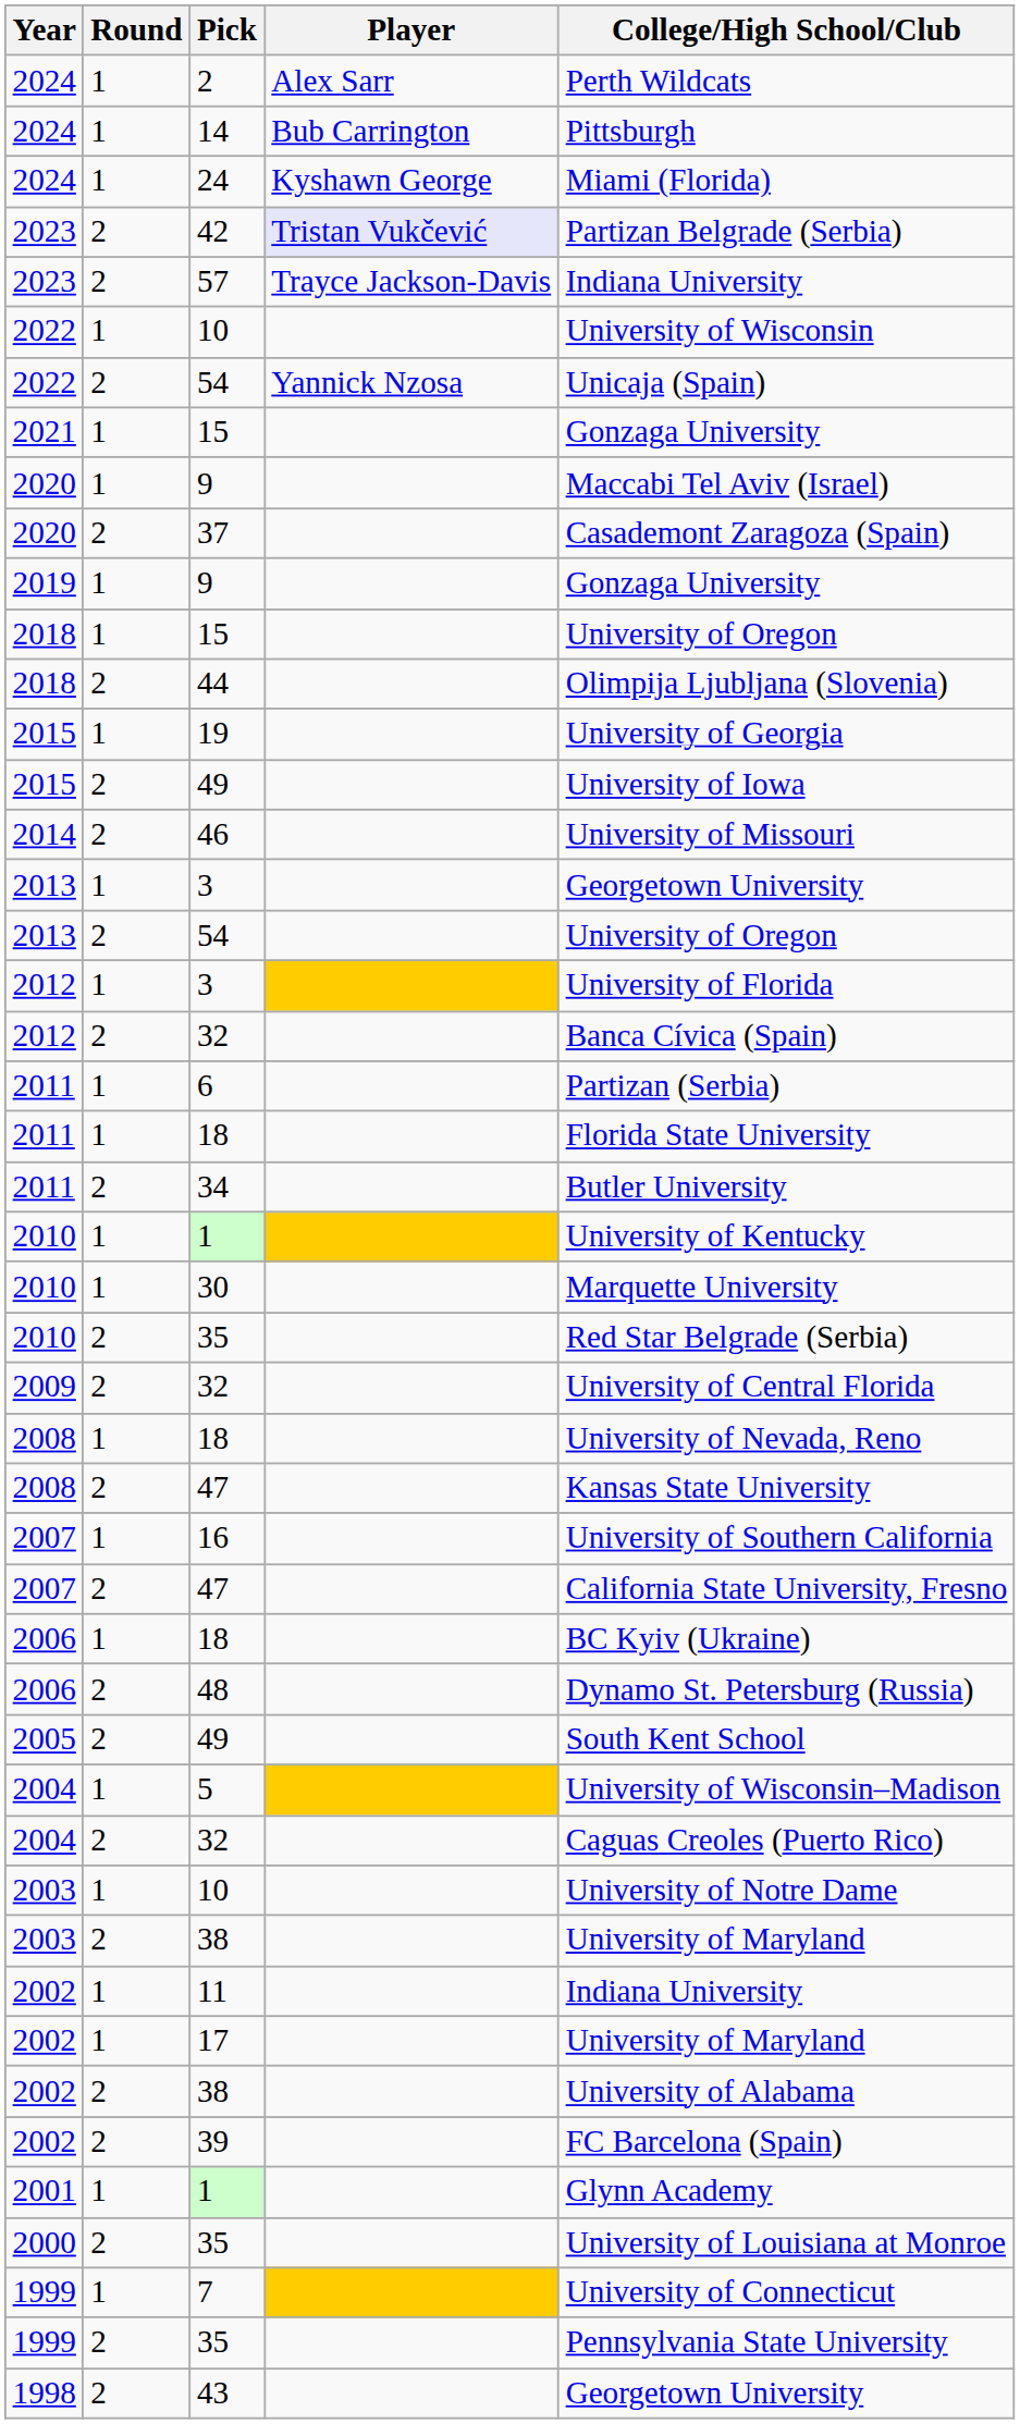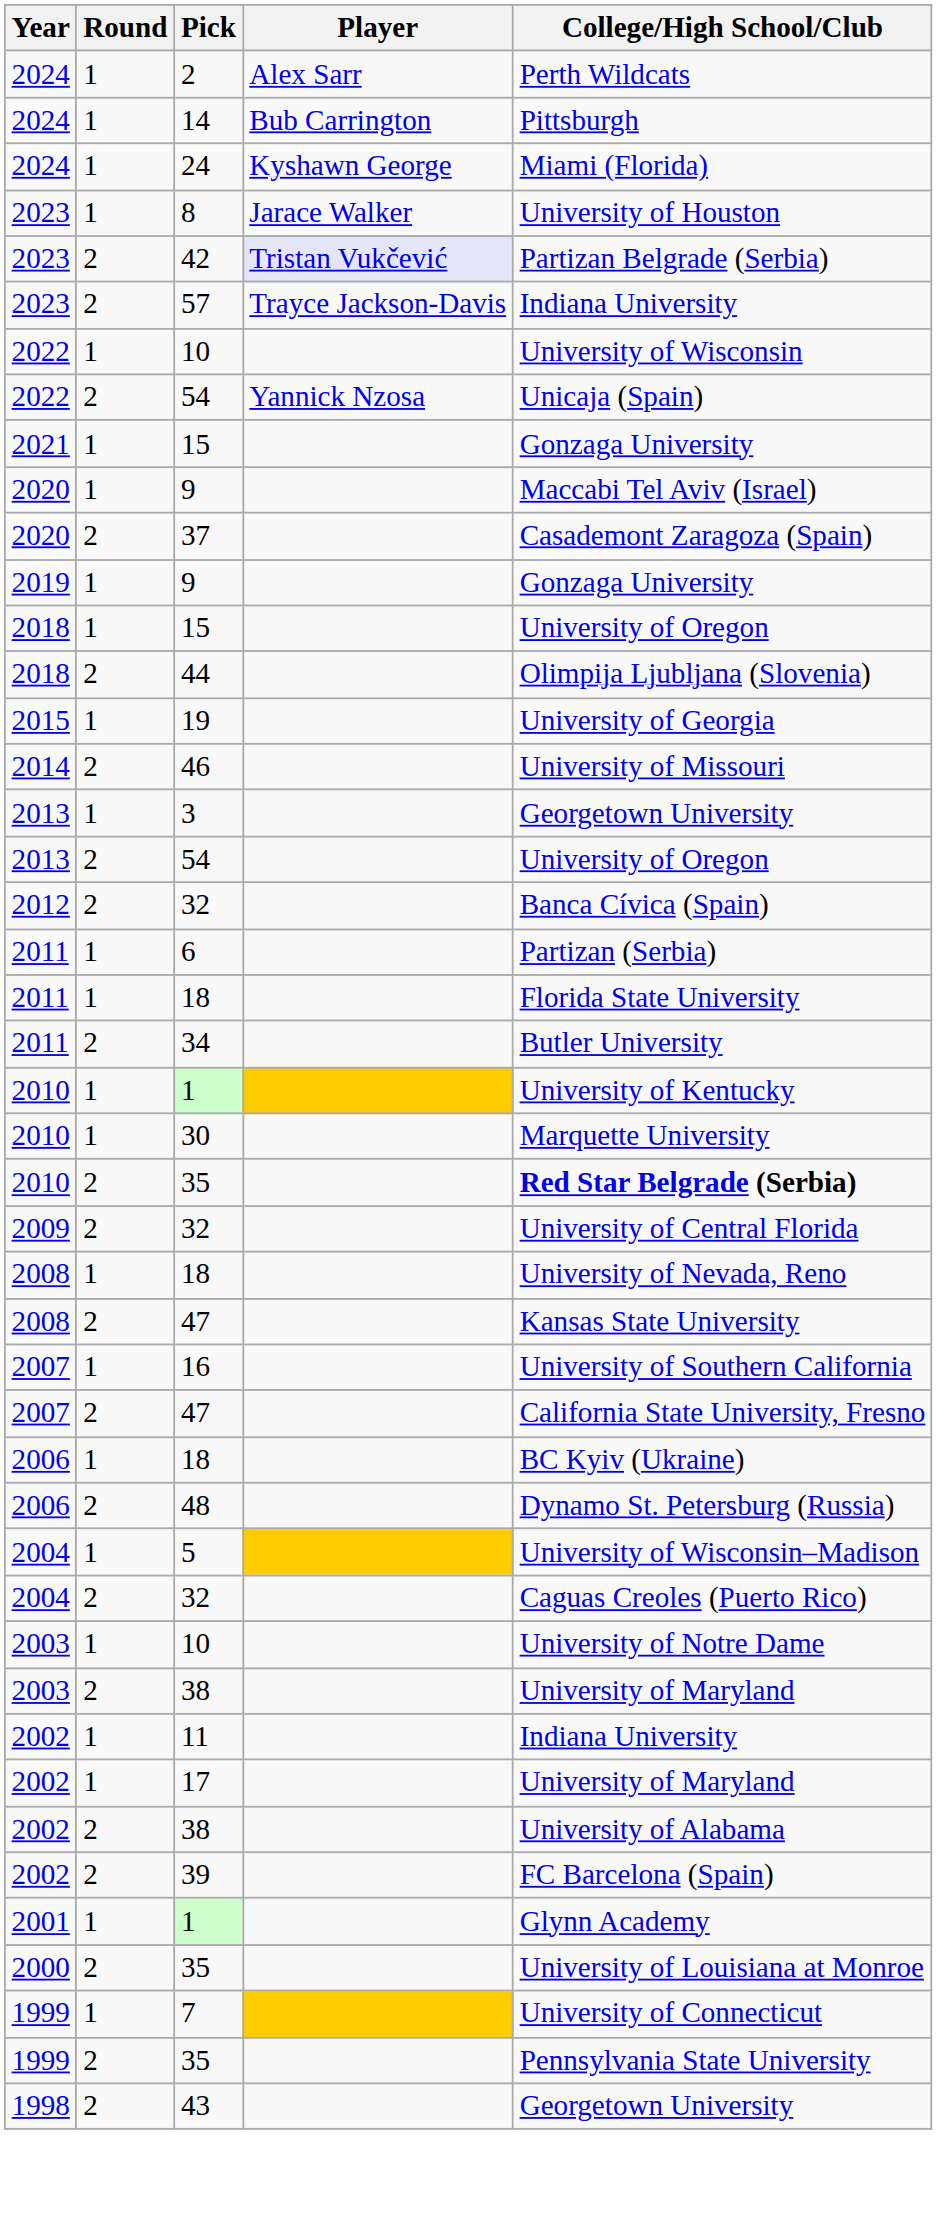 <table class="wikitable sortable">
 <tr>
 <th>Year</th>
 <th>Round</th>
 <th>Pick</th>
 <th>Player</th>
 <th>College/High School/Club</th>
 </tr>
 <tr>
 <td><a href='#'>2024</a></td>
 <td>1</td>
 <td>2</td>
 <td><a href='#'>Alex Sarr</a></td>
 <td><a href='#'>Perth Wildcats</a></td>
 </tr>
 <tr>
 <td><a href='#'>2024</a></td>
 <td>1</td>
 <td>14</td>
 <td><a href='#'>Bub Carrington</a></td>
 <td><a href='#'>Pittsburgh</a></td>
 </tr>
 <tr>
 <td><a href='#'>2024</a></td>
 <td>1</td>
 <td>24</td>
 <td><a href='#'>Kyshawn George</a></td>
 <td><a href='#'>Miami (Florida)</a></td>
+</tr>
+<tr>
+<td><a href='#'>2023</a></td>
+<td>1</td>
+<td>8</td>
+<td><a href='#'>Jarace Walker</a></td>
+<td><a href='#'>University of Houston</a></td>
 </tr>
 <tr>
 <td><a href='#'>2023</a></td>
 <td>2</td>
 <td>42</td>
 <td style="background: lavender;"><a href='#'>Tristan Vukčević</a></td>
 <td><a href='#'>Partizan Belgrade</a> (<a href='#'>Serbia</a>)</td>
 </tr>
 <tr>
 <td><a href='#'>2023</a></td>
 <td>2</td>
 <td>57</td>
 <td><a href='#'>Trayce Jackson-Davis</a></td>
 <td><a href='#'>Indiana University</a></td>
 </tr>
 <tr>
 <td><a href='#'>2022</a></td>
 <td>1</td>
 <td>10</td>
 <td></td>
 <td><a href='#'>University of Wisconsin</a></td>
 </tr>
 <tr>
 <td><a href='#'>2022</a></td>
 <td>2</td>
 <td>54</td>
 <td><a href='#'>Yannick Nzosa</a></td>
 <td><a href='#'>Unicaja</a> (<a href='#'>Spain</a>)</td>
 </tr>
 <tr>
 <td><a href='#'>2021</a></td>
 <td>1</td>
 <td>15</td>
 <td></td>
 <td><a href='#'>Gonzaga University</a></td>
 </tr>
 <tr>
 <td><a href='#'>2020</a></td>
 <td>1</td>
 <td>9</td>
 <td></td>
 <td><a href='#'>Maccabi Tel Aviv</a> (<a href='#'>Israel</a>)</td>
 </tr>
 <tr>
 <td><a href='#'>2020</a></td>
 <td>2</td>
 <td>37</td>
 <td></td>
 <td><a href='#'>Casademont Zaragoza</a> (<a href='#'>Spain</a>)</td>
 </tr>
 <tr>
 <td><a href='#'>2019</a></td>
 <td>1</td>
 <td>9</td>
 <td></td>
 <td><a href='#'>Gonzaga University</a></td>
 </tr>
 <tr>
 <td><a href='#'>2018</a></td>
 <td>1</td>
 <td>15</td>
 <td></td>
 <td><a href='#'>University of Oregon</a></td>
 </tr>
 <tr>
 <td><a href='#'>2018</a></td>
 <td>2</td>
 <td>44</td>
 <td></td>
 <td><a href='#'>Olimpija Ljubljana</a> (<a href='#'>Slovenia</a>)</td>
 </tr>
 <tr>
 <td><a href='#'>2015</a></td>
 <td>1</td>
 <td>19</td>
 <td></td>
 <td><a href='#'>University of Georgia</a></td>
 </tr>
 <tr>
-<td><a href='#'>2015</a></td>
-<td>2</td>
-<td>49</td>
-<td></td>
-<td><a href='#'>University of Iowa</a></td>
-</tr>
-<tr>
 <td><a href='#'>2014</a></td>
 <td>2</td>
 <td>46</td>
 <td></td>
 <td><a href='#'>University of Missouri</a></td>
 </tr>
 <tr>
 <td><a href='#'>2013</a></td>
 <td>1</td>
 <td>3</td>
 <td></td>
 <td><a href='#'>Georgetown University</a></td>
 </tr>
 <tr>
 <td><a href='#'>2013</a></td>
 <td>2</td>
 <td>54</td>
 <td></td>
 <td><a href='#'>University of Oregon</a></td>
-</tr>
-<tr>
-<td><a href='#'>2012</a></td>
-<td>1</td>
-<td>3</td>
-<td bgcolor="FFCC00"></td>
-<td><a href='#'>University of Florida</a></td>
 </tr>
 <tr>
 <td><a href='#'>2012</a></td>
 <td>2</td>
 <td>32</td>
 <td></td>
 <td><a href='#'>Banca Cívica</a> (<a href='#'>Spain</a>)</td>
 </tr>
 <tr>
 <td><a href='#'>2011</a></td>
 <td>1</td>
 <td>6</td>
 <td></td>
 <td><a href='#'>Partizan</a> (<a href='#'>Serbia</a>)</td>
 </tr>
 <tr>
 <td><a href='#'>2011</a></td>
 <td>1</td>
 <td>18</td>
 <td></td>
 <td><a href='#'>Florida State University</a></td>
 </tr>
 <tr>
 <td><a href='#'>2011</a></td>
 <td>2</td>
 <td>34</td>
 <td></td>
 <td><a href='#'>Butler University</a></td>
 </tr>
 <tr>
 <td><a href='#'>2010</a></td>
 <td>1</td>
 <td bgcolor="#CCFFCC">1</td>
 <td bgcolor="FFCC00"></td>
 <td><a href='#'>University of Kentucky</a></td>
 </tr>
 <tr>
 <td><a href='#'>2010</a></td>
 <td>1</td>
 <td>30</td>
 <td></td>
 <td><a href='#'>Marquette University</a></td>
 </tr>
 <tr>
 <td><a href='#'>2010</a></td>
 <td>2</td>
 <td>35</td>
 <td></td>
-<td><a href='#'>Red Star Belgrade</a> (Serbia)</td>
+<td><strong><a href='#'>Red Star Belgrade</a> (Serbia)</strong></td>
 </tr>
 <tr>
 <td><a href='#'>2009</a></td>
 <td>2</td>
 <td>32</td>
 <td></td>
 <td><a href='#'>University of Central Florida</a></td>
 </tr>
 <tr>
 <td><a href='#'>2008</a></td>
 <td>1</td>
 <td>18</td>
 <td></td>
 <td><a href='#'>University of Nevada, Reno</a></td>
 </tr>
 <tr>
 <td><a href='#'>2008</a></td>
 <td>2</td>
 <td>47</td>
 <td></td>
 <td><a href='#'>Kansas State University</a></td>
 </tr>
 <tr>
 <td><a href='#'>2007</a></td>
 <td>1</td>
 <td>16</td>
 <td></td>
 <td><a href='#'>University of Southern California</a></td>
 </tr>
 <tr>
 <td><a href='#'>2007</a></td>
 <td>2</td>
 <td>47</td>
 <td></td>
 <td><a href='#'>California State University, Fresno</a></td>
 </tr>
 <tr>
 <td><a href='#'>2006</a></td>
 <td>1</td>
 <td>18</td>
 <td></td>
 <td><a href='#'>BC Kyiv</a> (<a href='#'>Ukraine</a>)</td>
 </tr>
 <tr>
 <td><a href='#'>2006</a></td>
 <td>2</td>
 <td>48</td>
 <td></td>
 <td><a href='#'>Dynamo St. Petersburg</a> (<a href='#'>Russia</a>)</td>
-</tr>
-<tr>
-<td><a href='#'>2005</a></td>
-<td>2</td>
-<td>49</td>
-<td></td>
-<td><a href='#'>South Kent School</a></td>
 </tr>
 <tr>
 <td><a href='#'>2004</a></td>
 <td>1</td>
 <td>5</td>
 <td bgcolor="FFCC00"></td>
 <td><a href='#'>University of Wisconsin–Madison</a></td>
 </tr>
 <tr>
 <td><a href='#'>2004</a></td>
 <td>2</td>
 <td>32</td>
 <td></td>
 <td><a href='#'>Caguas Creoles</a> (<a href='#'>Puerto Rico</a>)</td>
 </tr>
 <tr>
 <td><a href='#'>2003</a></td>
 <td>1</td>
 <td>10</td>
 <td></td>
 <td><a href='#'>University of Notre Dame</a></td>
 </tr>
 <tr>
 <td><a href='#'>2003</a></td>
 <td>2</td>
 <td>38</td>
 <td></td>
 <td><a href='#'>University of Maryland</a></td>
 </tr>
 <tr>
 <td><a href='#'>2002</a></td>
 <td>1</td>
 <td>11</td>
 <td></td>
 <td><a href='#'>Indiana University</a></td>
 </tr>
 <tr>
 <td><a href='#'>2002</a></td>
 <td>1</td>
 <td>17</td>
 <td></td>
 <td><a href='#'>University of Maryland</a></td>
 </tr>
 <tr>
 <td><a href='#'>2002</a></td>
 <td>2</td>
 <td>38</td>
 <td></td>
 <td><a href='#'>University of Alabama</a></td>
 </tr>
 <tr>
 <td><a href='#'>2002</a></td>
 <td>2</td>
 <td>39</td>
 <td></td>
 <td><a href='#'>FC Barcelona</a> (<a href='#'>Spain</a>)</td>
 </tr>
 <tr>
 <td><a href='#'>2001</a></td>
 <td>1</td>
 <td bgcolor="#CCFFCC">1</td>
 <td></td>
 <td><a href='#'>Glynn Academy</a></td>
 </tr>
 <tr>
 <td><a href='#'>2000</a></td>
 <td>2</td>
 <td>35</td>
 <td></td>
 <td><a href='#'>University of Louisiana at Monroe</a></td>
 </tr>
 <tr>
 <td><a href='#'>1999</a></td>
 <td>1</td>
 <td>7</td>
 <td bgcolor="FFCC00"></td>
 <td><a href='#'>University of Connecticut</a></td>
 </tr>
 <tr>
 <td><a href='#'>1999</a></td>
 <td>2</td>
 <td>35</td>
 <td></td>
 <td><a href='#'>Pennsylvania State University</a></td>
 </tr>
 <tr>
 <td><a href='#'>1998</a></td>
 <td>2</td>
 <td>43</td>
 <td></td>
 <td><a href='#'>Georgetown University</a></td>
 </tr>
 </table>
